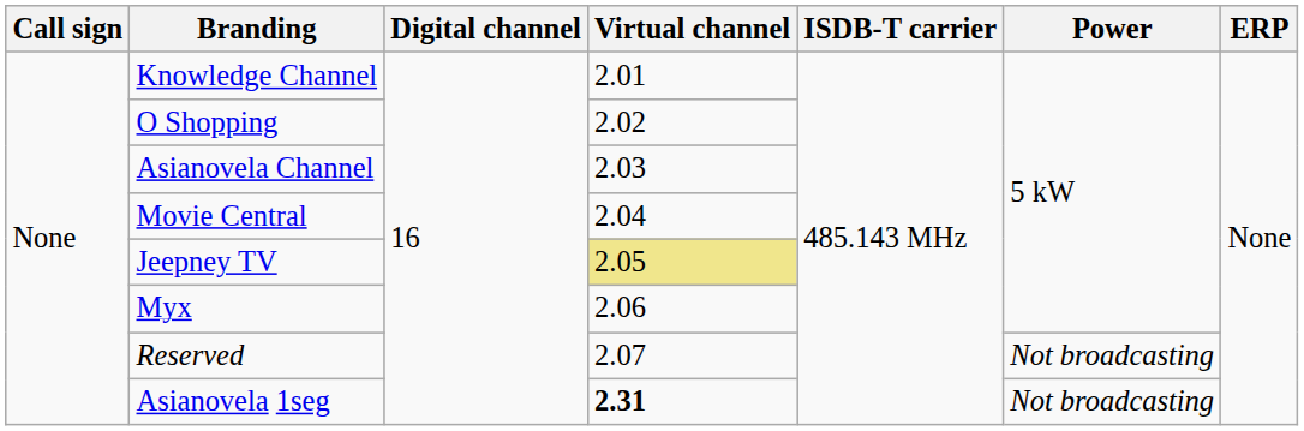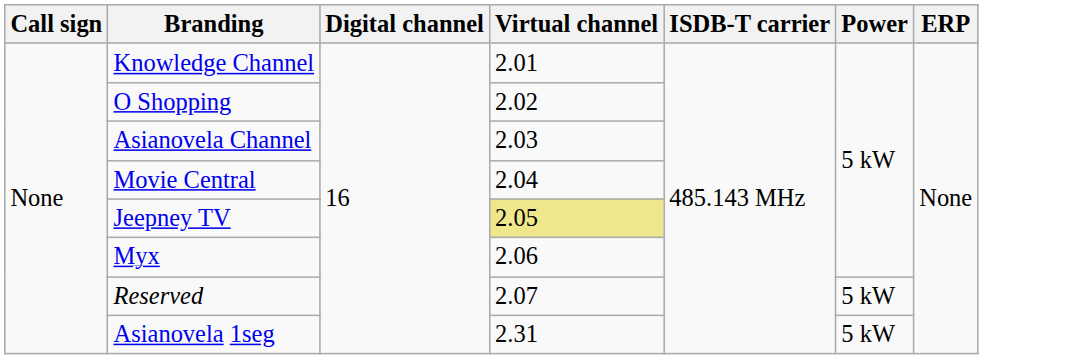 <table class="wikitable sortable">
 <tr>
 <th>Call sign</th>
 <th>Branding</th>
 <th>Digital channel</th>
 <th>Virtual channel</th>
 <th>ISDB-T carrier</th>
 <th>Power</th>
 <th>ERP</th>
 </tr>
 <tr>
 <td rowspan="8">None</td>
 <td><a href='#'>Knowledge Channel</a></td>
 <td rowspan="8">16</td>
 <td>2.01</td>
 <td rowspan="8">485.143 MHz</td>
 <td rowspan="6">5 kW</td>
 <td rowspan="8">None</td>
 </tr>
 <tr>
 <td><a href='#'>O Shopping</a></td>
 <td>2.02</td>
 </tr>
 <tr>
 <td><a href='#'>Asianovela Channel</a></td>
 <td>2.03</td>
 </tr>
 <tr>
 <td><a href='#'>Movie Central</a></td>
 <td>2.04</td>
 </tr>
 <tr>
 <td><a href='#'>Jeepney TV</a></td>
 <td style="background: khaki;">2.05</td>
 </tr>
 <tr>
 <td><a href='#'>Myx</a></td>
 <td>2.06</td>
 </tr>
 <tr>
 <td><em>Reserved</em></td>
 <td>2.07</td>
-<td><em>Not broadcasting</em></td>
+<td>5 kW</td>
 </tr>
 <tr>
 <td><a href='#'>Asianovela</a> <a href='#'>1seg</a></td>
-<td><strong>2.31</strong></td>
-<td><em>Not broadcasting</em></td>
+<td>2.31</td>
+<td>5 kW</td>
 </tr>
 </table>
